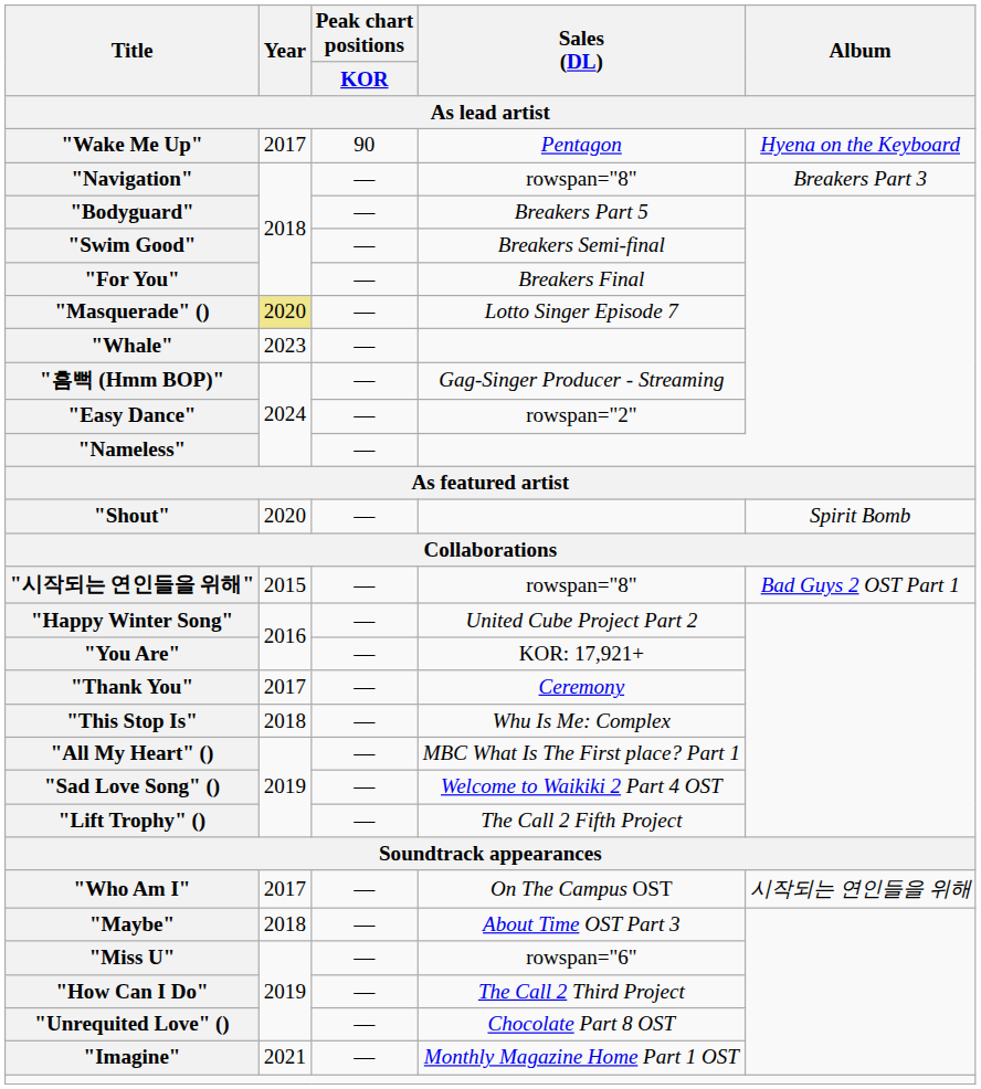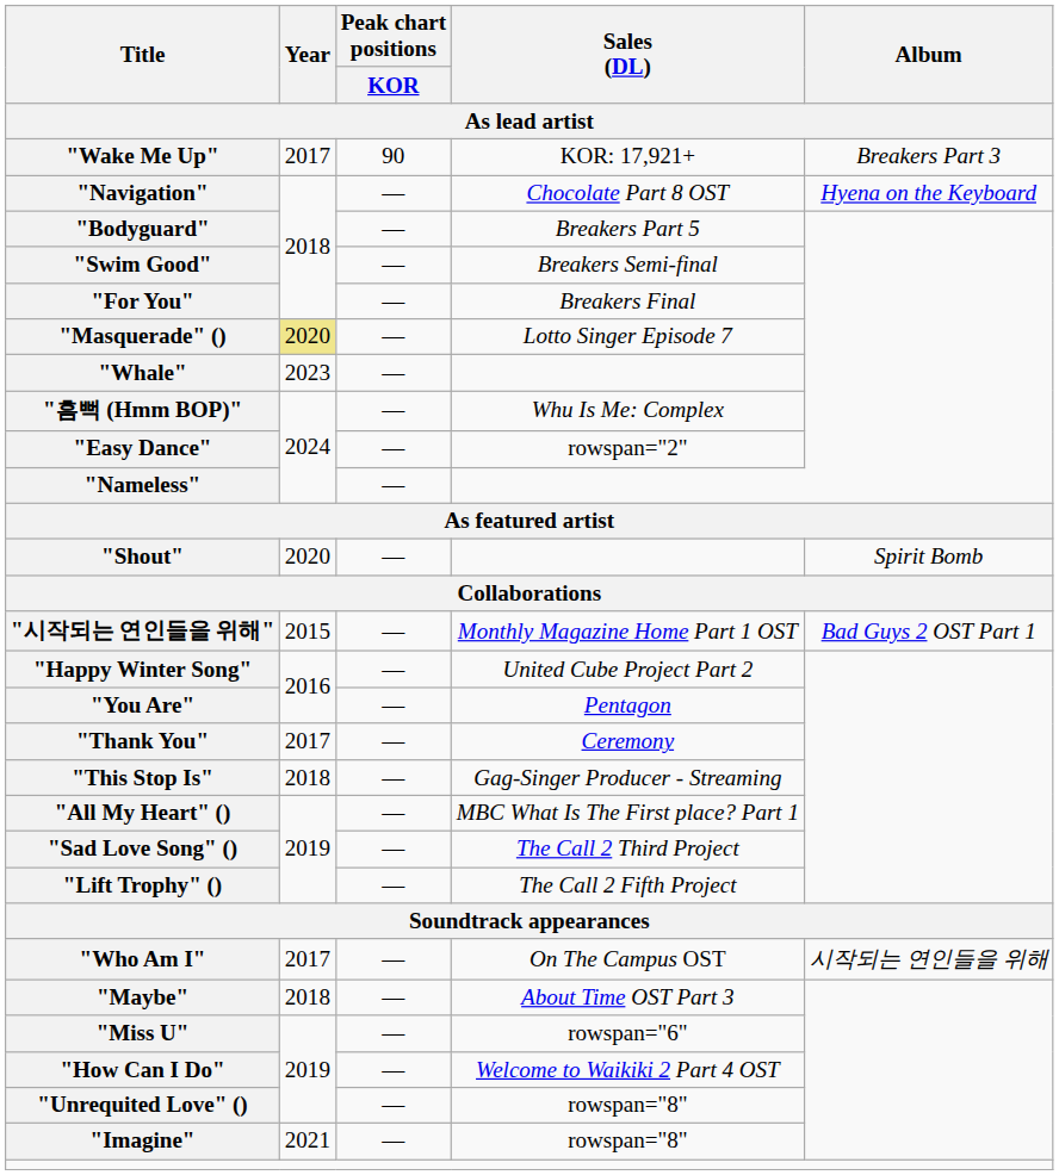 <table class="wikitable plainrowheaders" style="text-align:center">
 <tr>
 <th scope="col" rowspan="2">Title</th>
 <th scope="col" rowspan="2">Year</th>
 <th scope="col">Peak chart<br>positions</th>
 <th scope="col" rowspan="2">Sales<br>(<a href='#'>DL</a>)</th>
 <th scope="col" rowspan="2">Album</th>
 </tr>
 <tr>
 <th scope="col"><a href='#'>KOR</a><br></th>
 </tr>
 <tr>
 <th colspan="5">As lead artist</th>
 </tr>
 <tr>
 <th scope="row">"Wake Me Up" <br></th>
 <td>2017</td>
 <td>90</td>
-<td><em><a href='#'>Pentagon</a></em></td>
-<td><em><a href='#'>Hyena on the Keyboard</a></em></td>
+<td>KOR: 17,921+</td>
+<td><em>Breakers Part 3</em></td>
 </tr>
 <tr>
 <th scope="row">"Navigation"</th>
 <td rowspan="4">2018</td>
 <td>—</td>
-<td>rowspan="8" </td>
-<td><em>Breakers Part 3</em></td>
+<td><em><a href='#'>Chocolate</a> Part 8 OST</em></td>
+<td><em><a href='#'>Hyena on the Keyboard</a></em></td>
 </tr>
 <tr>
 <th scope="row">"Bodyguard"</th>
 <td>—</td>
 <td><em>Breakers Part 5</em></td>
 </tr>
 <tr>
 <th scope="row">"Swim Good" <br></th>
 <td>—</td>
 <td><em>Breakers Semi-final</em></td>
 </tr>
 <tr>
 <th scope="row">"For You"</th>
 <td>—</td>
 <td><em>Breakers Final</em></td>
 </tr>
 <tr>
 <th scope="row">"Masquerade" ()</th>
 <td style="background: khaki;">2020</td>
 <td>—</td>
 <td><em>Lotto Singer Episode 7</em></td>
 </tr>
 <tr>
 <th scope="row">"Whale"</th>
 <td>2023</td>
 <td>—</td>
 <td></td>
 </tr>
 <tr>
 <th scope="row">"흠뻑 (Hmm BOP)"</th>
 <td rowspan="3">2024</td>
 <td>—</td>
-<td><em>Gag-Singer Producer - Streaming</em></td>
+<td><em>Whu Is Me: Complex</em></td>
 </tr>
 <tr>
 <th scope="row">"Easy Dance"<br></th>
 <td>—</td>
 <td>rowspan="2" </td>
 </tr>
 <tr>
 <th scope="row">"Nameless"<br></th>
 <td>—</td>
 </tr>
 <tr>
 <th colspan="5">As featured artist</th>
 </tr>
 <tr>
 <th scope="row">"Shout" <br></th>
 <td>2020</td>
 <td>—</td>
 <td></td>
 <td><em>Spirit Bomb</em></td>
 </tr>
 <tr>
 <th colspan="5">Collaborations</th>
 </tr>
 <tr>
 <th scope="row">"시작되는 연인들을 위해" <br></th>
 <td>2015</td>
 <td>—</td>
-<td>rowspan="8" </td>
+<td><em><a href='#'>Monthly Magazine Home</a> Part 1 OST</em></td>
 <td><em><a href='#'>Bad Guys 2</a> OST Part 1</em></td>
 </tr>
 <tr>
 <th scope="row">"Happy Winter Song" <br></th>
 <td rowspan="2">2016</td>
 <td>—</td>
 <td><em>United Cube Project Part 2</em></td>
 </tr>
 <tr>
 <th scope="row">"You Are" <br></th>
 <td>—</td>
-<td>KOR: 17,921+</td>
+<td><em><a href='#'>Pentagon</a></em></td>
 </tr>
 <tr>
 <th scope="row">"Thank You" <br></th>
 <td>2017</td>
 <td>—</td>
 <td><em><a href='#'>Ceremony</a></em></td>
 </tr>
 <tr>
 <th scope="row">"This Stop Is"<br></th>
 <td>2018</td>
 <td>—</td>
-<td><em>Whu Is Me: Complex</em></td>
+<td><em>Gag-Singer Producer - Streaming</em></td>
 </tr>
 <tr>
 <th scope="row">"All My Heart" () <br></th>
 <td rowspan="3">2019</td>
 <td>—</td>
 <td><em>MBC What Is The First place? Part 1</em></td>
 </tr>
 <tr>
 <th scope="row">"Sad Love Song" () <br></th>
 <td>—</td>
-<td><em><a href='#'>Welcome to Waikiki 2</a> Part 4 OST</em></td>
+<td><em><a href='#'>The Call 2</a> Third Project</em></td>
 </tr>
 <tr>
 <th scope="row">"Lift Trophy" () <br></th>
 <td>—</td>
 <td><em>The Call 2 Fifth Project</em></td>
 </tr>
 <tr>
 <th colspan="5">Soundtrack appearances</th>
 </tr>
 <tr>
 <th scope="row">"Who Am I"</th>
 <td>2017</td>
 <td>—</td>
 <td><em>On The Campus</em> OST</td>
 <td><em>시작되는 연인들을 위해</em></td>
 </tr>
 <tr>
 <th scope="row">"Maybe"</th>
 <td>2018</td>
 <td>—</td>
 <td><em><a href='#'>About Time</a> OST Part 3</em></td>
 </tr>
 <tr>
 <th scope="row">"Miss U" <br></th>
 <td rowspan="3">2019</td>
 <td>—</td>
 <td>rowspan="6" </td>
 </tr>
 <tr>
 <th scope="row">"How Can I Do" <br></th>
 <td>—</td>
-<td><em><a href='#'>The Call 2</a> Third Project</em></td>
+<td><em><a href='#'>Welcome to Waikiki 2</a> Part 4 OST</em></td>
 </tr>
 <tr>
 <th scope="row">"Unrequited Love" ()</th>
 <td>—</td>
-<td><em><a href='#'>Chocolate</a> Part 8 OST</em></td>
+<td>rowspan="8" </td>
 </tr>
 <tr>
 <th scope="row">"Imagine"</th>
 <td>2021</td>
 <td>—</td>
-<td><em><a href='#'>Monthly Magazine Home</a> Part 1 OST</em></td>
+<td>rowspan="8" </td>
 </tr>
 <tr>
 <td colspan="5"></td>
 </tr>
 </table>
